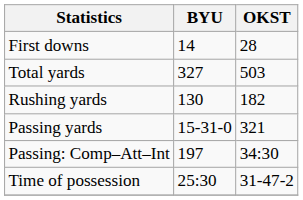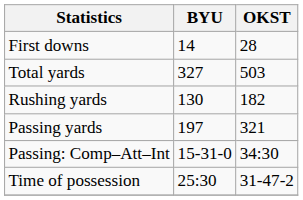 <table class="wikitable" style="float: left;">
 <tr>
 <th>Statistics</th>
 <th>BYU</th>
 <th>OKST</th>
 </tr>
 <tr>
 <td>First downs</td>
 <td>14</td>
 <td>28</td>
 </tr>
 <tr>
 <td>Total yards</td>
 <td>327</td>
 <td>503</td>
 </tr>
 <tr>
 <td>Rushing yards</td>
 <td>130</td>
 <td>182</td>
 </tr>
 <tr>
 <td>Passing yards</td>
-<td>15-31-0</td>
+<td>197</td>
 <td>321</td>
 </tr>
 <tr>
 <td>Passing: Comp–Att–Int</td>
-<td>197</td>
+<td>15-31-0</td>
 <td>34:30</td>
 </tr>
 <tr>
 <td>Time of possession</td>
 <td>25:30</td>
 <td>31-47-2</td>
 </tr>
 <tr>
 </tr>
 </table>
